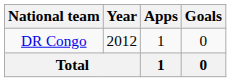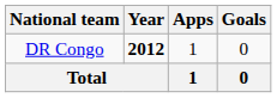 <table class="wikitable" style="text-align:center">
 <tr>
 <th>National team</th>
 <th>Year</th>
 <th>Apps</th>
 <th>Goals</th>
 </tr>
 <tr>
 <td><a href='#'>DR Congo</a></td>
-<td>2012</td>
+<td><strong>2012</strong></td>
 <td>1</td>
 <td>0</td>
 </tr>
 <tr>
 <th colspan=2>Total</th>
 <th>1</th>
 <th>0</th>
 </tr>
 </table>
